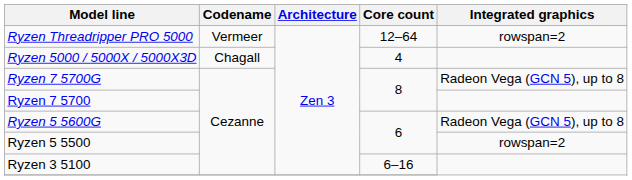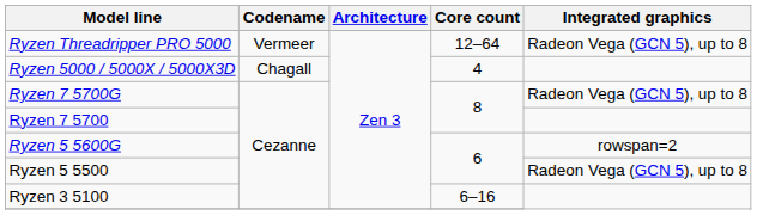 <table class="wikitable" style="text-align: center;">
 <tr>
 <th>Model line</th>
 <th>Codename</th>
 <th><a href='#'>Architecture</a></th>
 <th>Core count</th>
 <th>Integrated graphics</th>
 </tr>
 <tr>
 <td style="text-align: left;"><a href='#'><em>Ryzen Threadripper PRO 5000</em></a></td>
 <td>Vermeer</td>
 <td rowspan=7><a href='#'>Zen 3</a></td>
 <td>12–64</td>
-<td>rowspan=2 </td>
+<td>Radeon Vega (<a href='#'>GCN 5</a>), up to 8 </td>
 </tr>
 <tr>
 <td style="text-align: left;"><a href='#'><em>Ryzen 5000 / 5000X / 5000X3D</em></a></td>
 <td>Chagall</td>
 <td>4</td>
 </tr>
 <tr>
 <td style="text-align: left;"><a href='#'><em>Ryzen 7 5700G</em></a></td>
 <td rowspan=5>Cezanne</td>
 <td rowspan=2>8</td>
 <td>Radeon Vega (<a href='#'>GCN 5</a>), up to 8 </td>
 </tr>
 <tr>
 <td style="text-align: left;"><a href='#'>Ryzen 7 5700</a></td>
 <td></td>
 </tr>
 <tr>
 <td style="text-align: left;"><a href='#'><em>Ryzen 5 5600G</em></a></td>
 <td rowspan=2>6</td>
-<td>Radeon Vega (<a href='#'>GCN 5</a>), up to 8 </td>
+<td>rowspan=2 </td>
 </tr>
 <tr>
 <td style="text-align: left;">Ryzen 5 5500</td>
-<td>rowspan=2 </td>
+<td>Radeon Vega (<a href='#'>GCN 5</a>), up to 8 </td>
 </tr>
 <tr>
 <td style="text-align: left;">Ryzen 3 5100</td>
 <td>6–16</td>
 </tr>
 <tr>
 </tr>
 </table>
